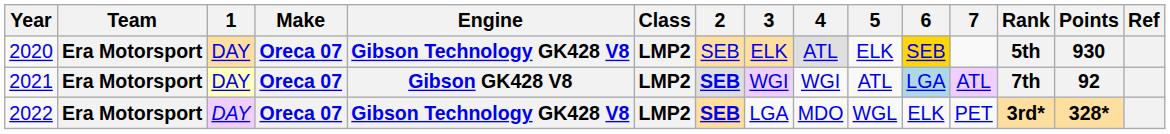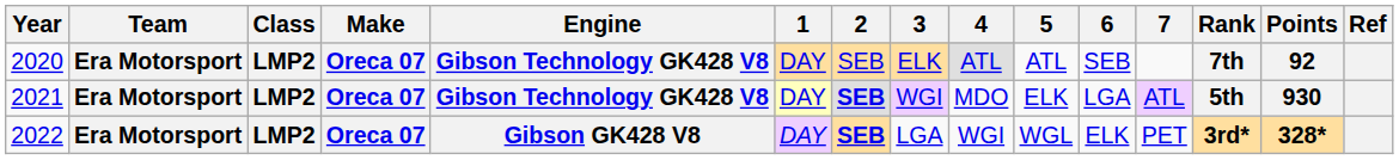 <table class="wikitable" style="text-align:center; font-size:90%">
 <tr>
 <th>Year</th>
 <th>Team</th>
-<th>1</th>
+<th>Class</th>
 <th>Make</th>
 <th>Engine</th>
-<th>Class</th>
+<th>1</th>
 <th>2</th>
 <th>3</th>
 <th>4</th>
 <th>5</th>
 <th>6</th>
 <th>7</th>
 <th>Rank</th>
 <th>Points</th>
 <th>Ref</th>
 </tr>
 <tr>
 <td><a href='#'>2020</a></td>
 <th>Era Motorsport</th>
-<td style="background:#FFDF9F;"><a href='#'>DAY</a><br></td>
+<th>LMP2</th>
 <th><a href='#'>Oreca 07</a></th>
 <th><a href='#'>Gibson Technology</a> GK428 <a href='#'>V8</a></th>
-<th>LMP2</th>
+<td style="background:#FFDF9F;"><a href='#'>DAY</a><br></td>
 <td style="background:#FFDF9F;"><a href='#'>SEB</a><br></td>
 <td style="background:#FFDF9F;"><a href='#'>ELK</a><br></td>
 <td style="background:#DFDFDF;"><a href='#'>ATL</a><br></td>
+<td><a href='#'>ATL</a></td>
+<td><a href='#'>SEB</a></td>
+<td></td>
+<th>7th</th>
+<th>92</th>
+<th></th>
+</tr>
+<tr>
+<td><a href='#'>2021</a></td>
+<th>Era Motorsport</th>
+<th>LMP2</th>
+<th><a href='#'>Oreca 07</a></th>
+<th><a href='#'>Gibson Technology</a> GK428 <a href='#'>V8</a></th>
+<td style="background:#FFFFBF;"><a href='#'>DAY</a><br></td>
+<td style="background:#DFDFDF;"><strong><a href='#'>SEB</a><br></strong></td>
+<td style="background:#EFCFFF;"><a href='#'>WGI</a><br></td>
+<td style="background:"><a href='#'>MDO</a><br></td>
 <td><a href='#'>ELK</a></td>
-<td style="background: gold;"><a href='#'>SEB</a></td>
-<td></td>
+<td><a href='#'>LGA</a></td>
+<td style="background:#EFCFFF;"><a href='#'>ATL</a><br></td>
 <th>5th</th>
 <th>930</th>
 <th></th>
 </tr>
 <tr>
-<td><a href='#'>2021</a></td>
+<td><a href='#'>2022</a></td>
 <th>Era Motorsport</th>
-<td style="background:#FFFFBF;"><a href='#'>DAY</a><br></td>
+<th>LMP2</th>
 <th><a href='#'>Oreca 07</a></th>
 <th><a href='#'>Gibson</a> GK428 V8</th>
-<th>LMP2</th>
-<td style="background:#DFDFDF;"><strong><a href='#'>SEB</a><br></strong></td>
-<td style="background:#EFCFFF;"><a href='#'>WGI</a><br></td>
-<td><a href='#'>WGI</a></td>
-<td><a href='#'>ATL</a></td>
-<td style="background: lightblue;"><a href='#'>LGA</a></td>
-<td style="background:#EFCFFF;"><a href='#'>ATL</a><br></td>
-<th>7th</th>
-<th>92</th>
-<th></th>
-</tr>
-<tr>
-<td><a href='#'>2022</a></td>
-<th>Era Motorsport</th>
 <td style="background:#EFCFFF;"><em><a href='#'>DAY</a></em><br></td>
-<th><a href='#'>Oreca 07</a></th>
-<th><a href='#'>Gibson Technology</a> GK428 <a href='#'>V8</a></th>
-<th>LMP2</th>
 <td style="background:#FFDF9F;"><strong><a href='#'>SEB</a><br></strong></td>
 <td style="background:"><a href='#'>LGA</a><br></td>
-<td style="background:"><a href='#'>MDO</a><br></td>
+<td><a href='#'>WGI</a></td>
 <td style="background:#;"><a href='#'>WGL</a><br></td>
 <td style="background:"><a href='#'>ELK</a><br></td>
 <td style="background:"><a href='#'>PET</a><br></td>
 <th style="background:#FFDF9F;">3rd*</th>
 <th style="background:#FFDF9F;">328*</th>
 <th></th>
 </tr>
 </table>
